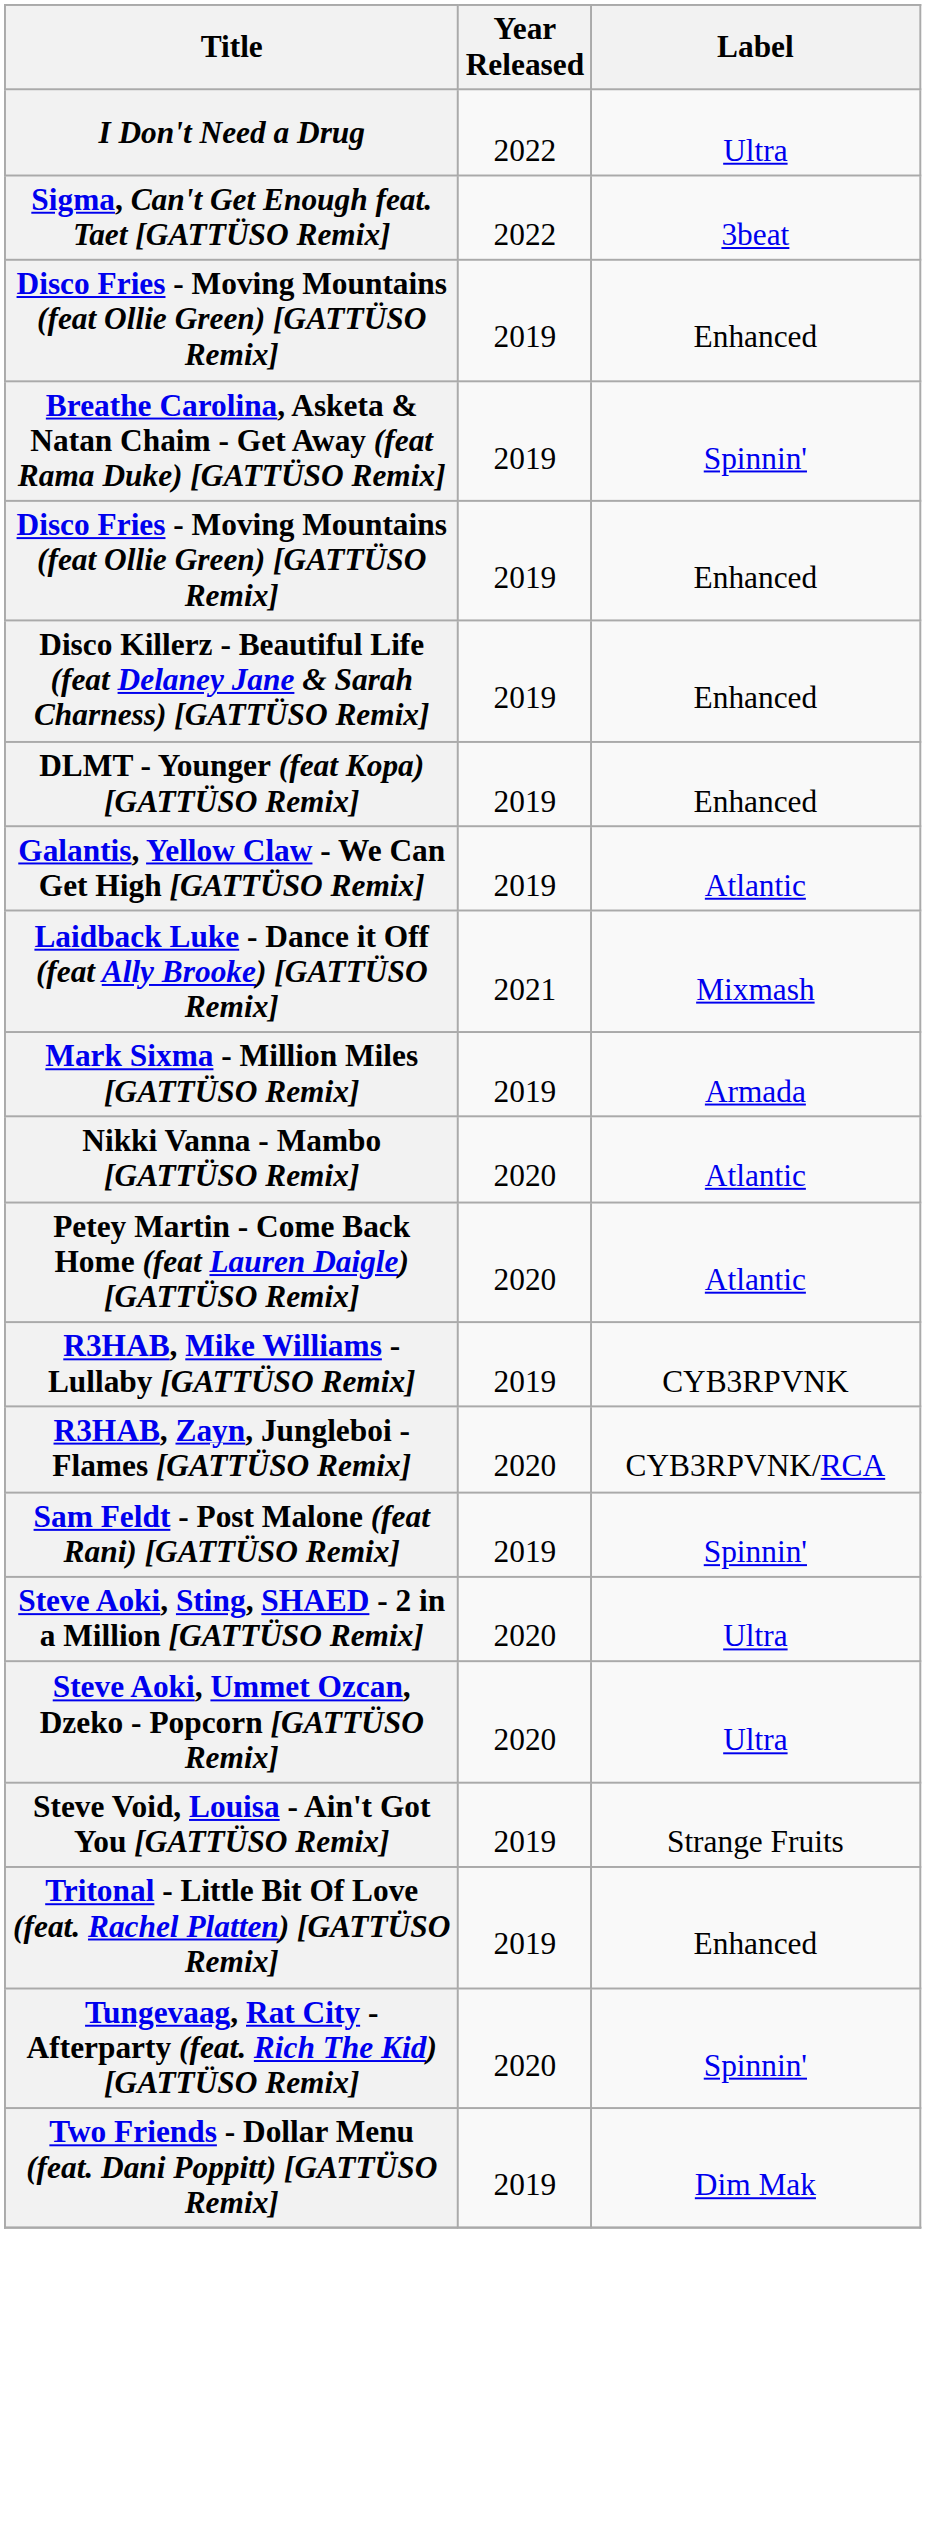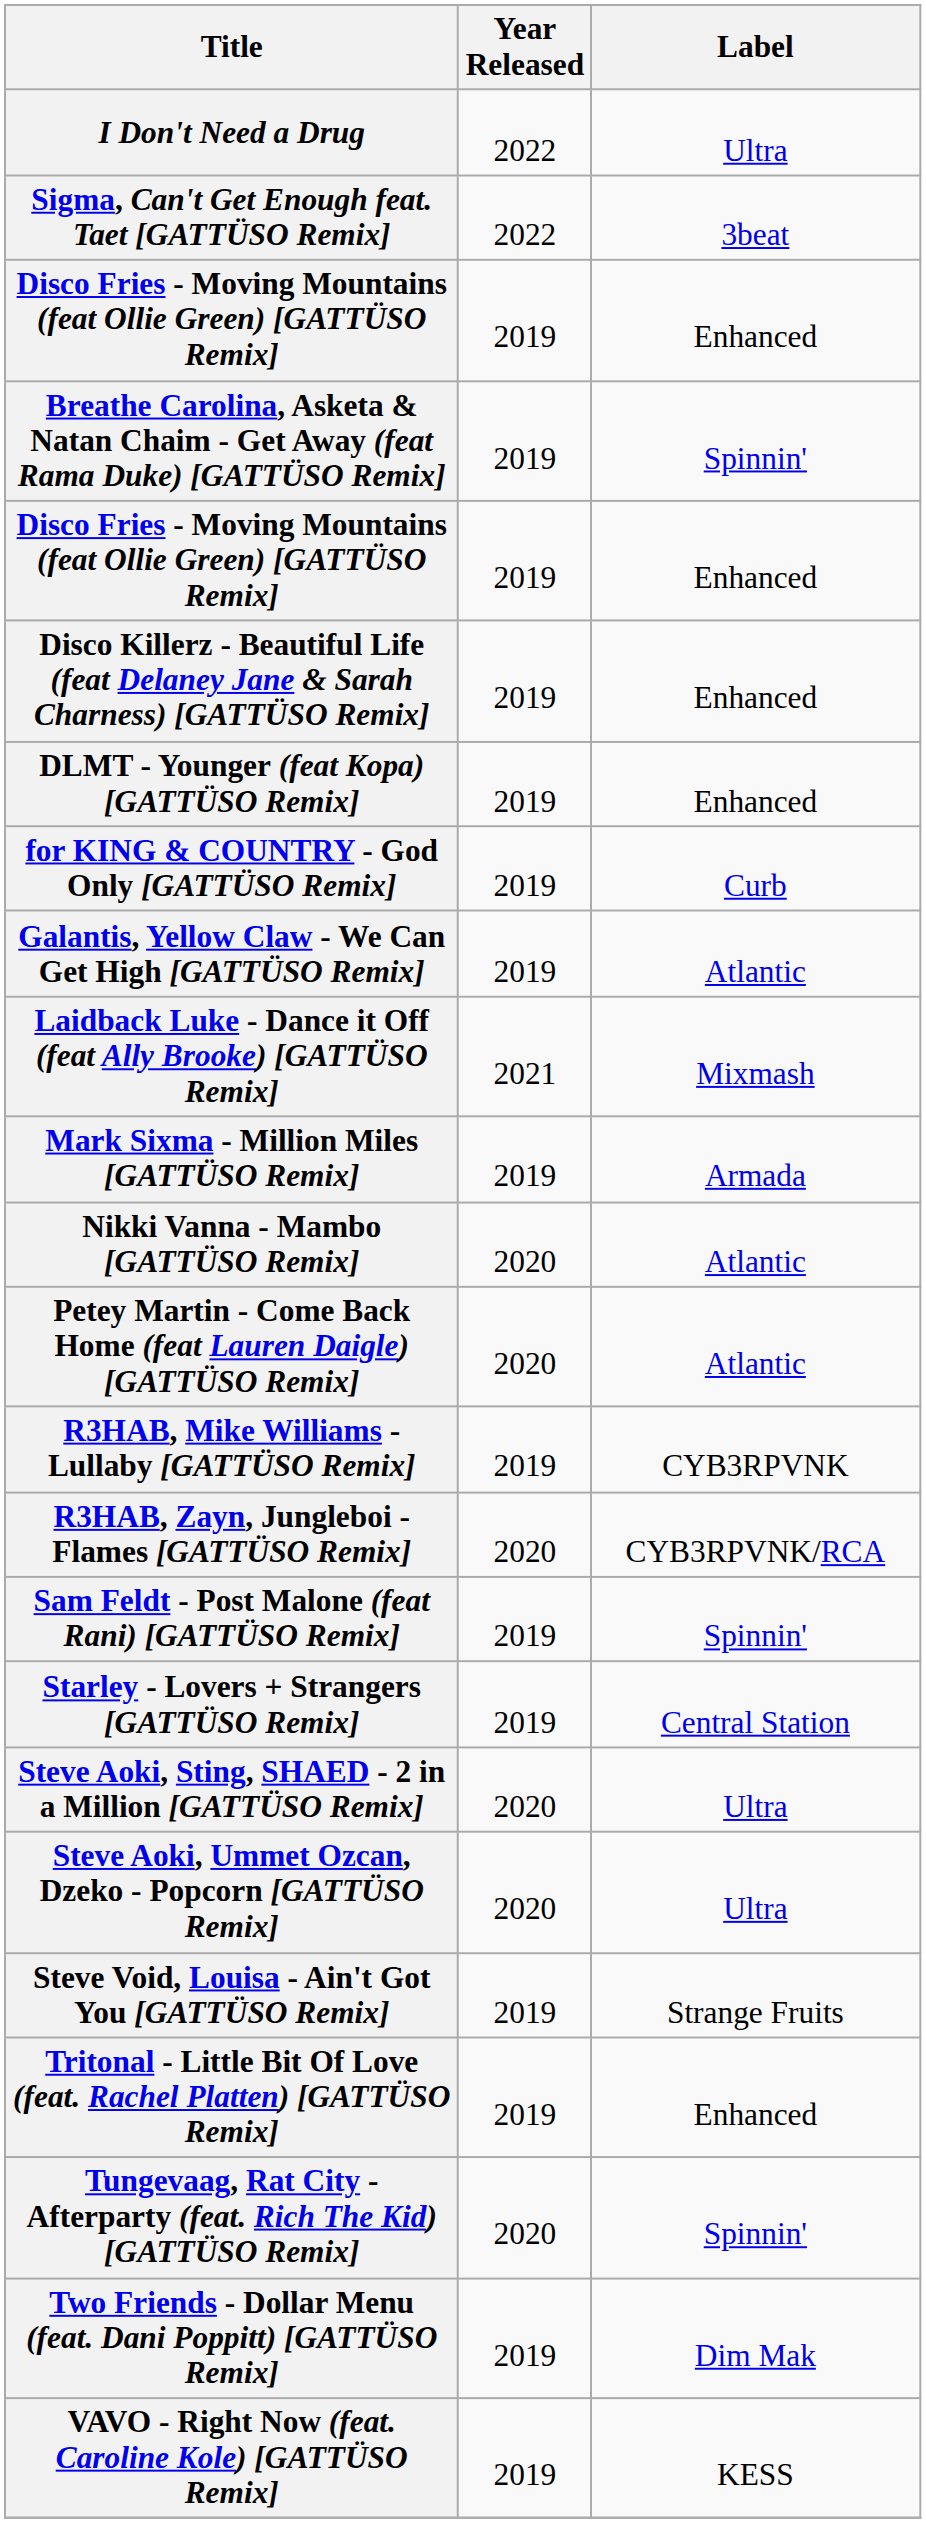 <table class="wikitable plainrowheaders" style="text-align:center;" border="1">
 <tr>
 <th scope="col" style="width:14em;">Title</th>
 <th scope="col" style="width:3em;">Year Released</th>
 <th scope="col" style="width:10em;">Label</th>
 </tr>
 <tr>
 <th scope="row"><em>I Don't Need a Drug</em></th>
 <td><br>2022</td>
 <td><br><a href='#'>Ultra</a></td>
 </tr>
 <tr>
 <th scope="row"><a href='#'>Sigma</a>, <em>Can't Get Enough feat. Taet [GATTÜSO Remix]</th>
 <td><br>2022</td>
 <td><br><a href='#'>3beat</a></td>
 </tr>
 <tr>
 <th scope="row"><a href='#'>Disco Fries</a> - </em>Moving Mountains<em> (feat Ollie Green) [GATTÜSO Remix]</th>
 <td><br>2019</td>
 <td><br>Enhanced</td>
 </tr>
 <tr>
 <th scope="row"><a href='#'>Breathe Carolina</a>, Asketa & Natan Chaim - </em>Get Away<em> (feat Rama Duke) [GATTÜSO Remix]</th>
 <td><br>2019</td>
 <td><br><a href='#'>Spinnin'</a></td>
 </tr>
 <tr>
 <th scope="row"><a href='#'>Disco Fries</a> - </em>Moving Mountains<em> (feat Ollie Green) [GATTÜSO Remix]</th>
 <td><br>2019</td>
 <td><br>Enhanced</td>
 </tr>
 <tr>
 <th scope="row">Disco Killerz - </em>Beautiful Life<em> (feat <a href='#'>Delaney Jane</a> & Sarah Charness) [GATTÜSO Remix]</th>
 <td><br>2019</td>
 <td><br>Enhanced</td>
 </tr>
 <tr>
 <th scope="row">DLMT - </em>Younger<em> (feat Kopa) [GATTÜSO Remix]</th>
 <td><br>2019</td>
 <td><br>Enhanced</td>
 </tr>
 <tr>
+<th scope="row"><a href='#'>for KING & COUNTRY</a> - </em>God Only<em> [GATTÜSO Remix]</th>
+<td><br>2019</td>
+<td><br><a href='#'>Curb</a></td>
+</tr>
+<tr>
 <th scope="row"><a href='#'>Galantis</a>, <a href='#'>Yellow Claw</a> - </em>We Can Get High<em> [GATTÜSO Remix]</th>
 <td><br>2019</td>
 <td><br><a href='#'>Atlantic</a></td>
 </tr>
 <tr>
 <th scope="row"><a href='#'>Laidback Luke</a> - </em>Dance it Off<em> (feat <a href='#'>Ally Brooke</a>) [GATTÜSO Remix]</th>
 <td><br>2021</td>
 <td><br><a href='#'>Mixmash</a></td>
 </tr>
 <tr>
 <th scope="row"><a href='#'>Mark Sixma</a> - </em>Million Miles<em> [GATTÜSO Remix]</th>
 <td><br>2019</td>
 <td><br><a href='#'>Armada</a></td>
 </tr>
 <tr>
 <th scope="row">Nikki Vanna - </em>Mambo<em> [GATTÜSO Remix]</th>
 <td><br>2020</td>
 <td><br><a href='#'>Atlantic</a></td>
 </tr>
 <tr>
 <th scope="row">Petey Martin - </em>Come Back Home<em> (feat <a href='#'>Lauren Daigle</a>) [GATTÜSO Remix]</th>
 <td><br>2020</td>
 <td><br><a href='#'>Atlantic</a></td>
 </tr>
 <tr>
 <th scope="row"><a href='#'>R3HAB</a>, <a href='#'>Mike Williams</a> - </em>Lullaby<em> [GATTÜSO Remix]</th>
 <td><br>2019</td>
 <td><br>CYB3RPVNK</td>
 </tr>
 <tr>
 <th scope="row"><a href='#'>R3HAB</a>, <a href='#'>Zayn</a>, Jungleboi - </em>Flames<em> [GATTÜSO Remix]</th>
 <td><br>2020</td>
 <td><br>CYB3RPVNK/<a href='#'>RCA</a></td>
 </tr>
 <tr>
 <th scope="row"><a href='#'>Sam Feldt</a> - </em>Post Malone<em> (feat Rani) [GATTÜSO Remix]</th>
 <td><br>2019</td>
 <td><br><a href='#'>Spinnin'</a></td>
 </tr>
 <tr>
+<th scope="row"><a href='#'>Starley</a> - </em>Lovers + Strangers<em> [GATTÜSO Remix]</th>
+<td><br>2019</td>
+<td><br><a href='#'>Central Station</a></td>
+</tr>
+<tr>
 <th scope="row"><a href='#'>Steve Aoki</a>, <a href='#'>Sting</a>, <a href='#'>SHAED</a> - </em>2 in a Million<em> [GATTÜSO Remix]</th>
 <td><br>2020</td>
 <td><br><a href='#'>Ultra</a></td>
 </tr>
 <tr>
 <th scope="row"><a href='#'>Steve Aoki</a>, <a href='#'>Ummet Ozcan</a>, Dzeko - </em>Popcorn<em> [GATTÜSO Remix]</th>
 <td><br>2020</td>
 <td><br><a href='#'>Ultra</a></td>
 </tr>
 <tr>
 <th scope="row">Steve Void, <a href='#'>Louisa</a> - </em>Ain't Got You<em> [GATTÜSO Remix]</th>
 <td><br>2019</td>
 <td><br>Strange Fruits</td>
 </tr>
 <tr>
 <th scope="row"><a href='#'>Tritonal</a> - </em>Little Bit Of Love<em> (feat. <a href='#'>Rachel Platten</a>) [GATTÜSO Remix]</th>
 <td><br>2019</td>
 <td><br>Enhanced</td>
 </tr>
 <tr>
 <th scope="row"><a href='#'>Tungevaag</a>, <a href='#'>Rat City</a> - </em>Afterparty<em> (feat. <a href='#'>Rich The Kid</a>) [GATTÜSO Remix]</th>
 <td><br>2020</td>
 <td><br><a href='#'>Spinnin'</a></td>
 </tr>
 <tr>
 <th scope="row"><a href='#'>Two Friends</a> - </em>Dollar Menu<em> (feat. Dani Poppitt) [GATTÜSO Remix]</th>
 <td><br>2019</td>
 <td><br><a href='#'>Dim Mak</a></td>
 </tr>
 <tr>
+<th scope="row">VAVO - </em>Right Now<em> (feat. <a href='#'>Caroline Kole</a>) [GATTÜSO Remix]</th>
+<td><br>2019</td>
+<td><br>KESS</td>
+</tr>
+<tr>
 </tr>
 </table>
